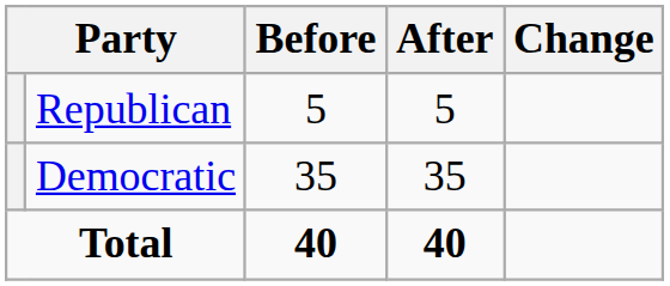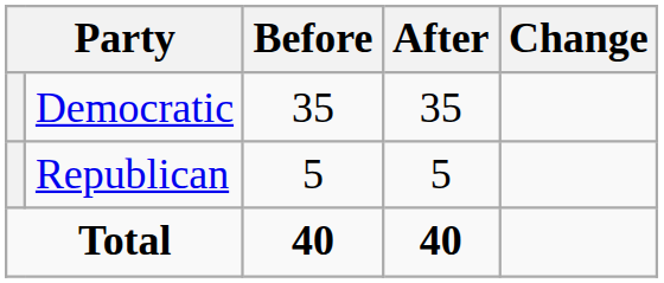 <table class="wikitable" style="text-align:center;">
 <tr>
 <th colspan="2">Party</th>
 <th>Before</th>
 <th>After</th>
 <th>Change</th>
 </tr>
 <tr>
 <th style="background-color:"></th>
-<td style="text-align:left;"><a href='#'>Republican</a></td>
-<td>5</td>
-<td>5</td>
+<td style="text-align:left;"><a href='#'>Democratic</a></td>
+<td>35</td>
+<td>35</td>
 <td></td>
 </tr>
 <tr>
 <th style="background-color:"></th>
-<td style="text-align:left;"><a href='#'>Democratic</a></td>
-<td>35</td>
-<td>35</td>
+<td style="text-align:left;"><a href='#'>Republican</a></td>
+<td>5</td>
+<td>5</td>
 <td></td>
 </tr>
 <tr>
 <td colspan="2"><strong>Total</strong></td>
 <td><strong>40</strong></td>
 <td><strong>40</strong></td>
 <td></td>
 </tr>
 </table>
